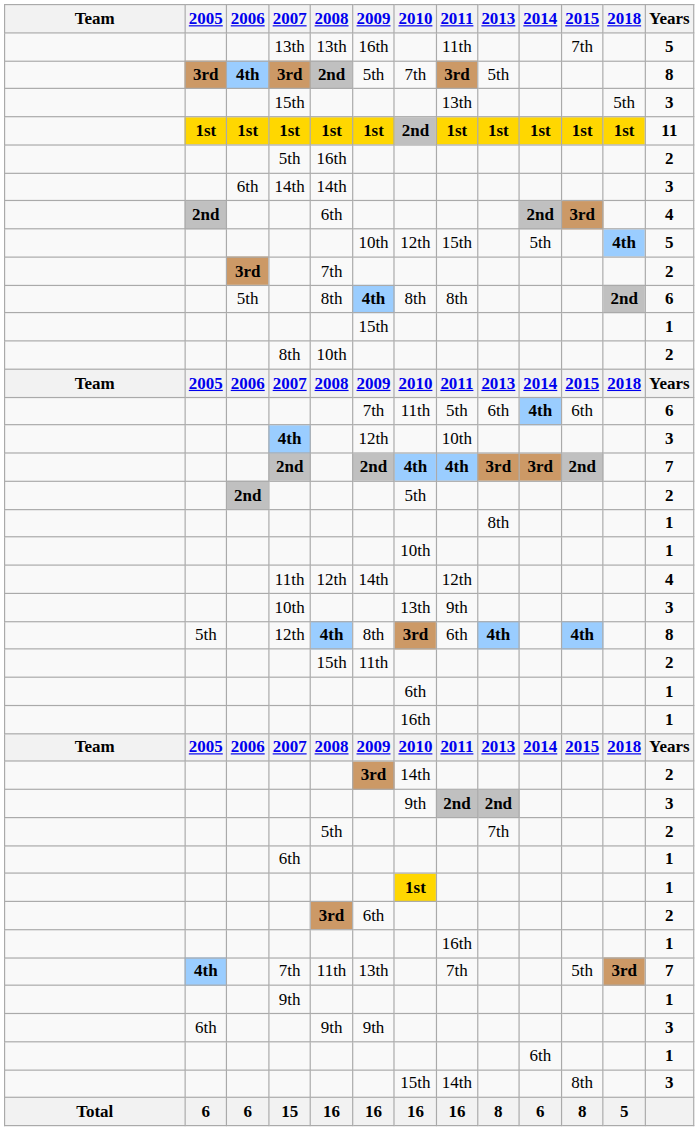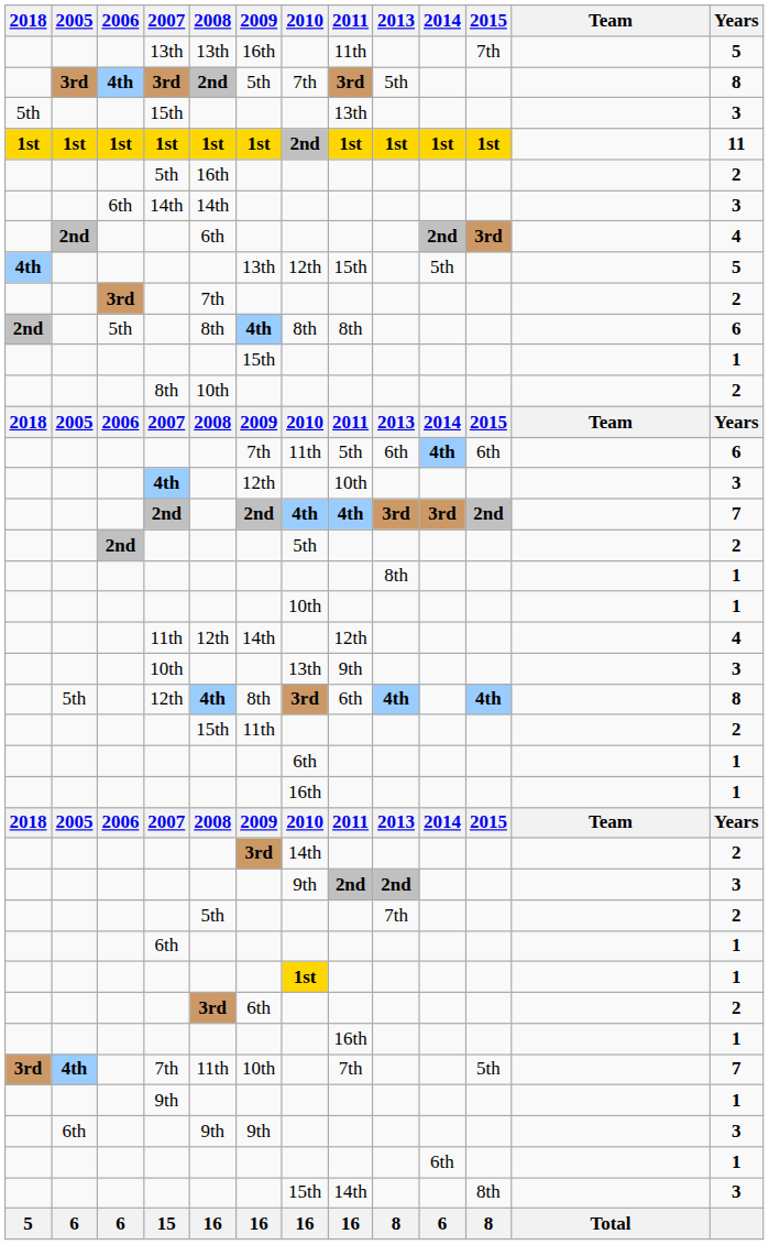 <table class="wikitable" style="text-align:center; font-size:90%">
 <tr>
-<th width=146>Team</th>
+<th><a href='#'>2018</a></th>
 <th><a href='#'>2005</a></th>
 <th><a href='#'>2006</a></th>
 <th><a href='#'>2007</a></th>
 <th><a href='#'>2008</a></th>
 <th><a href='#'>2009</a></th>
 <th><a href='#'>2010</a></th>
 <th><a href='#'>2011</a></th>
 <th><a href='#'>2013</a></th>
 <th><a href='#'>2014</a></th>
 <th><a href='#'>2015</a></th>
-<th><a href='#'>2018</a></th>
+<th width=146>Team</th>
 <th>Years</th>
 </tr>
 <tr>
-<td align=left></td>
+<td></td>
 <td></td>
 <td></td>
 <td>13th</td>
 <td>13th</td>
 <td>16th</td>
 <td></td>
 <td>11th</td>
 <td></td>
 <td></td>
 <td>7th</td>
-<td></td>
+<td align=left></td>
 <td><strong>5</strong></td>
 </tr>
 <tr>
-<td align=left></td>
+<td></td>
 <td bgcolor=cc9966><strong>3rd</strong></td>
 <td bgcolor=#9acdff><strong>4th</strong></td>
 <td bgcolor=cc9966><strong>3rd</strong></td>
 <td bgcolor=silver><strong>2nd</strong></td>
 <td>5th</td>
 <td>7th</td>
 <td bgcolor=cc9966><strong>3rd</strong></td>
 <td>5th</td>
 <td></td>
 <td></td>
-<td></td>
+<td align=left></td>
 <td><strong>8</strong></td>
 </tr>
 <tr>
-<td align=left></td>
+<td>5th</td>
 <td></td>
 <td></td>
 <td>15th</td>
 <td></td>
 <td></td>
 <td></td>
 <td>13th</td>
 <td></td>
 <td></td>
 <td></td>
-<td>5th</td>
+<td align=left></td>
 <td><strong>3</strong></td>
 </tr>
 <tr>
-<td align=left></td>
+<td bgcolor=gold><strong>1st</strong></td>
 <td bgcolor=gold><strong>1st</strong></td>
 <td bgcolor=gold><strong>1st</strong></td>
 <td bgcolor=gold><strong>1st</strong></td>
 <td bgcolor=gold><strong>1st</strong></td>
 <td bgcolor=gold><strong>1st</strong></td>
 <td bgcolor=silver><strong>2nd</strong></td>
 <td bgcolor=gold><strong>1st</strong></td>
 <td bgcolor=gold><strong>1st</strong></td>
 <td bgcolor=gold><strong>1st</strong></td>
 <td bgcolor=gold><strong>1st</strong></td>
-<td bgcolor=gold><strong>1st</strong></td>
+<td align=left></td>
 <td><strong>11</strong></td>
 </tr>
 <tr>
-<td align=left></td>
+<td></td>
 <td></td>
 <td></td>
 <td>5th</td>
 <td>16th</td>
 <td></td>
 <td></td>
 <td></td>
 <td></td>
 <td></td>
 <td></td>
-<td></td>
+<td align=left></td>
 <td><strong>2</strong></td>
 </tr>
 <tr>
-<td align=left></td>
+<td></td>
 <td></td>
 <td>6th</td>
 <td>14th</td>
 <td>14th</td>
 <td></td>
 <td></td>
 <td></td>
 <td></td>
 <td></td>
 <td></td>
-<td></td>
+<td align=left></td>
 <td><strong>3</strong></td>
 </tr>
 <tr>
-<td align=left></td>
+<td></td>
 <td bgcolor=silver><strong>2nd</strong></td>
 <td></td>
 <td></td>
 <td>6th</td>
 <td></td>
 <td></td>
 <td></td>
 <td></td>
 <td bgcolor=silver><strong>2nd</strong></td>
 <td bgcolor=cc9966><strong>3rd</strong></td>
-<td></td>
+<td align=left></td>
 <td><strong>4</strong></td>
 </tr>
 <tr>
-<td align=left></td>
+<td bgcolor=#9acdff><strong>4th</strong></td>
 <td></td>
 <td></td>
 <td></td>
 <td></td>
-<td>10th</td>
+<td>13th</td>
 <td>12th</td>
 <td>15th</td>
 <td></td>
 <td>5th</td>
 <td></td>
-<td bgcolor=#9acdff><strong>4th</strong></td>
+<td align=left></td>
 <td><strong>5</strong></td>
 </tr>
 <tr>
-<td align=left></td>
+<td></td>
 <td></td>
 <td bgcolor=cc9966><strong>3rd</strong></td>
 <td></td>
 <td>7th</td>
 <td></td>
 <td></td>
 <td></td>
 <td></td>
 <td></td>
 <td></td>
-<td></td>
+<td align=left></td>
 <td><strong>2</strong></td>
 </tr>
 <tr>
-<td align=left></td>
+<td bgcolor=silver><strong>2nd</strong></td>
 <td></td>
 <td>5th</td>
 <td></td>
 <td>8th</td>
 <td bgcolor=#9acdff><strong>4th</strong></td>
 <td>8th</td>
 <td>8th</td>
 <td></td>
 <td></td>
 <td></td>
-<td bgcolor=silver><strong>2nd</strong></td>
+<td align=left></td>
 <td><strong>6</strong></td>
 </tr>
 <tr>
-<td align=left></td>
+<td></td>
 <td></td>
 <td></td>
 <td></td>
 <td></td>
 <td>15th</td>
 <td></td>
 <td></td>
 <td></td>
 <td></td>
 <td></td>
-<td></td>
+<td align=left></td>
 <td><strong>1</strong></td>
 </tr>
 <tr>
-<td align=left></td>
+<td></td>
 <td></td>
 <td></td>
 <td>8th</td>
 <td>10th</td>
 <td></td>
 <td></td>
 <td></td>
 <td></td>
 <td></td>
 <td></td>
-<td></td>
+<td align=left></td>
 <td><strong>2</strong></td>
 </tr>
 <tr>
-<th width=146>Team</th>
+<th><a href='#'>2018</a></th>
 <th><a href='#'>2005</a></th>
 <th><a href='#'>2006</a></th>
 <th><a href='#'>2007</a></th>
 <th><a href='#'>2008</a></th>
 <th><a href='#'>2009</a></th>
 <th><a href='#'>2010</a></th>
 <th><a href='#'>2011</a></th>
 <th><a href='#'>2013</a></th>
 <th><a href='#'>2014</a></th>
 <th><a href='#'>2015</a></th>
-<th><a href='#'>2018</a></th>
+<th width=146>Team</th>
 <th>Years</th>
 </tr>
 <tr>
-<td align=left></td>
+<td></td>
 <td></td>
 <td></td>
 <td></td>
 <td></td>
 <td>7th</td>
 <td>11th</td>
 <td>5th</td>
 <td>6th</td>
 <td bgcolor=#9acdff><strong>4th</strong></td>
 <td>6th</td>
-<td></td>
+<td align=left></td>
 <td><strong>6</strong></td>
 </tr>
 <tr>
-<td align=left></td>
+<td></td>
 <td></td>
 <td></td>
 <td bgcolor=#9acdff><strong>4th</strong></td>
 <td></td>
 <td>12th</td>
 <td></td>
 <td>10th</td>
 <td></td>
 <td></td>
 <td></td>
-<td></td>
+<td align=left></td>
 <td><strong>3</strong></td>
 </tr>
 <tr>
-<td align=left></td>
+<td></td>
 <td></td>
 <td></td>
 <td bgcolor=silver><strong>2nd</strong></td>
 <td></td>
 <td bgcolor=silver><strong>2nd</strong></td>
 <td bgcolor=#9acdff><strong>4th</strong></td>
 <td bgcolor=#9acdff><strong>4th</strong></td>
 <td bgcolor=cc9966><strong>3rd</strong></td>
 <td bgcolor=cc9966><strong>3rd</strong></td>
 <td bgcolor=silver><strong>2nd</strong></td>
-<td></td>
+<td align=left></td>
 <td><strong>7</strong></td>
 </tr>
 <tr>
-<td align=left></td>
+<td></td>
 <td></td>
 <td bgcolor=silver><strong>2nd</strong></td>
 <td></td>
 <td></td>
 <td></td>
 <td>5th</td>
 <td></td>
 <td></td>
 <td></td>
 <td></td>
-<td></td>
+<td align=left></td>
 <td><strong>2</strong></td>
 </tr>
 <tr>
-<td align=left></td>
+<td></td>
 <td></td>
 <td></td>
 <td></td>
 <td></td>
 <td></td>
 <td></td>
 <td></td>
 <td>8th</td>
 <td></td>
 <td></td>
-<td></td>
+<td align=left></td>
 <td><strong>1</strong></td>
 </tr>
 <tr>
-<td align=left></td>
+<td></td>
 <td></td>
 <td></td>
 <td></td>
 <td></td>
 <td></td>
 <td>10th</td>
 <td></td>
 <td></td>
 <td></td>
 <td></td>
-<td></td>
+<td align=left></td>
 <td><strong>1</strong></td>
 </tr>
 <tr>
-<td align=left></td>
+<td></td>
 <td></td>
 <td></td>
 <td>11th</td>
 <td>12th</td>
 <td>14th</td>
 <td></td>
 <td>12th</td>
 <td></td>
 <td></td>
 <td></td>
-<td></td>
+<td align=left></td>
 <td><strong>4</strong></td>
 </tr>
 <tr>
-<td align=left></td>
+<td></td>
 <td></td>
 <td></td>
 <td>10th</td>
 <td></td>
 <td></td>
 <td>13th</td>
 <td>9th</td>
 <td></td>
 <td></td>
 <td></td>
-<td></td>
+<td align=left></td>
 <td><strong>3</strong></td>
 </tr>
 <tr>
-<td align=left></td>
+<td></td>
 <td>5th</td>
 <td></td>
 <td>12th</td>
 <td bgcolor=#9acdff><strong>4th</strong></td>
 <td>8th</td>
 <td bgcolor=cc9966><strong>3rd</strong></td>
 <td>6th</td>
 <td bgcolor=#9acdff><strong>4th</strong></td>
 <td></td>
 <td bgcolor=#9acdff><strong>4th</strong></td>
-<td></td>
+<td align=left></td>
 <td><strong>8</strong></td>
 </tr>
 <tr>
-<td align=left></td>
+<td></td>
 <td></td>
 <td></td>
 <td></td>
 <td>15th</td>
 <td>11th</td>
 <td></td>
 <td></td>
 <td></td>
 <td></td>
 <td></td>
-<td></td>
+<td align=left></td>
 <td><strong>2</strong></td>
 </tr>
 <tr>
-<td align=left></td>
+<td></td>
 <td></td>
 <td></td>
 <td></td>
 <td></td>
 <td></td>
 <td>6th</td>
 <td></td>
 <td></td>
 <td></td>
 <td></td>
-<td></td>
+<td align=left></td>
 <td><strong>1</strong></td>
 </tr>
 <tr>
-<td align=left></td>
-<td></td>
-<td></td>
-<td></td>
-<td></td>
-<td></td>
-<td>16th</td>
-<td></td>
-<td></td>
-<td></td>
-<td></td>
-<td></td>
-<td><strong>1</strong></td>
-</tr>
-<tr>
-<th width=146>Team</th>
-<th><a href='#'>2005</a></th>
-<th><a href='#'>2006</a></th>
-<th><a href='#'>2007</a></th>
-<th><a href='#'>2008</a></th>
-<th><a href='#'>2009</a></th>
-<th><a href='#'>2010</a></th>
-<th><a href='#'>2011</a></th>
-<th><a href='#'>2013</a></th>
-<th><a href='#'>2014</a></th>
-<th><a href='#'>2015</a></th>
-<th><a href='#'>2018</a></th>
-<th>Years</th>
-</tr>
-<tr>
-<td align=left></td>
-<td></td>
-<td></td>
-<td></td>
-<td></td>
-<td bgcolor=cc9966><strong>3rd</strong></td>
-<td>14th</td>
-<td></td>
-<td></td>
-<td></td>
-<td></td>
-<td></td>
-<td><strong>2</strong></td>
-</tr>
-<tr>
-<td align=left></td>
-<td></td>
-<td></td>
-<td></td>
-<td></td>
-<td></td>
-<td>9th</td>
-<td bgcolor=silver><strong>2nd</strong></td>
-<td bgcolor=silver><strong>2nd</strong></td>
-<td></td>
-<td></td>
-<td></td>
-<td><strong>3</strong></td>
-</tr>
-<tr>
-<td align=left></td>
-<td></td>
-<td></td>
-<td></td>
-<td>5th</td>
-<td></td>
-<td></td>
-<td></td>
-<td>7th</td>
-<td></td>
-<td></td>
-<td></td>
-<td><strong>2</strong></td>
-</tr>
-<tr>
-<td align=left></td>
-<td></td>
-<td></td>
-<td>6th</td>
-<td></td>
-<td></td>
-<td></td>
-<td></td>
-<td></td>
-<td></td>
-<td></td>
-<td></td>
-<td><strong>1</strong></td>
-</tr>
-<tr>
-<td align=left></td>
-<td></td>
-<td></td>
-<td></td>
-<td></td>
-<td></td>
-<td bgcolor=gold><strong>1st</strong></td>
-<td></td>
-<td></td>
-<td></td>
-<td></td>
-<td></td>
-<td><strong>1</strong></td>
-</tr>
-<tr>
-<td align=left></td>
-<td></td>
-<td></td>
-<td></td>
-<td bgcolor=cc9966><strong>3rd</strong></td>
-<td>6th</td>
-<td></td>
-<td></td>
-<td></td>
-<td></td>
-<td></td>
-<td></td>
-<td><strong>2</strong></td>
-</tr>
-<tr>
-<td align=left></td>
 <td></td>
 <td></td>
 <td></td>
 <td></td>
 <td></td>
 <td></td>
 <td>16th</td>
 <td></td>
 <td></td>
 <td></td>
 <td></td>
+<td align=left></td>
 <td><strong>1</strong></td>
 </tr>
 <tr>
+<th><a href='#'>2018</a></th>
+<th><a href='#'>2005</a></th>
+<th><a href='#'>2006</a></th>
+<th><a href='#'>2007</a></th>
+<th><a href='#'>2008</a></th>
+<th><a href='#'>2009</a></th>
+<th><a href='#'>2010</a></th>
+<th><a href='#'>2011</a></th>
+<th><a href='#'>2013</a></th>
+<th><a href='#'>2014</a></th>
+<th><a href='#'>2015</a></th>
+<th width=146>Team</th>
+<th>Years</th>
+</tr>
+<tr>
+<td></td>
+<td></td>
+<td></td>
+<td></td>
+<td></td>
+<td bgcolor=cc9966><strong>3rd</strong></td>
+<td>14th</td>
+<td></td>
+<td></td>
+<td></td>
+<td></td>
 <td align=left></td>
+<td><strong>2</strong></td>
+</tr>
+<tr>
+<td></td>
+<td></td>
+<td></td>
+<td></td>
+<td></td>
+<td></td>
+<td>9th</td>
+<td bgcolor=silver><strong>2nd</strong></td>
+<td bgcolor=silver><strong>2nd</strong></td>
+<td></td>
+<td></td>
+<td align=left></td>
+<td><strong>3</strong></td>
+</tr>
+<tr>
+<td></td>
+<td></td>
+<td></td>
+<td></td>
+<td>5th</td>
+<td></td>
+<td></td>
+<td></td>
+<td>7th</td>
+<td></td>
+<td></td>
+<td align=left></td>
+<td><strong>2</strong></td>
+</tr>
+<tr>
+<td></td>
+<td></td>
+<td></td>
+<td>6th</td>
+<td></td>
+<td></td>
+<td></td>
+<td></td>
+<td></td>
+<td></td>
+<td></td>
+<td align=left></td>
+<td><strong>1</strong></td>
+</tr>
+<tr>
+<td></td>
+<td></td>
+<td></td>
+<td></td>
+<td></td>
+<td></td>
+<td bgcolor=gold><strong>1st</strong></td>
+<td></td>
+<td></td>
+<td></td>
+<td></td>
+<td align=left></td>
+<td><strong>1</strong></td>
+</tr>
+<tr>
+<td></td>
+<td></td>
+<td></td>
+<td></td>
+<td bgcolor=cc9966><strong>3rd</strong></td>
+<td>6th</td>
+<td></td>
+<td></td>
+<td></td>
+<td></td>
+<td></td>
+<td align=left></td>
+<td><strong>2</strong></td>
+</tr>
+<tr>
+<td></td>
+<td></td>
+<td></td>
+<td></td>
+<td></td>
+<td></td>
+<td></td>
+<td>16th</td>
+<td></td>
+<td></td>
+<td></td>
+<td align=left></td>
+<td><strong>1</strong></td>
+</tr>
+<tr>
+<td bgcolor=cc9966><strong>3rd</strong></td>
 <td bgcolor=#9acdff><strong>4th</strong></td>
 <td></td>
 <td>7th</td>
 <td>11th</td>
-<td>13th</td>
+<td>10th</td>
 <td></td>
 <td>7th</td>
 <td></td>
 <td></td>
 <td>5th</td>
-<td bgcolor=cc9966><strong>3rd</strong></td>
+<td align=left></td>
 <td><strong>7</strong></td>
 </tr>
 <tr>
-<td align=left></td>
+<td></td>
 <td></td>
 <td></td>
 <td>9th</td>
 <td></td>
 <td></td>
 <td></td>
 <td></td>
 <td></td>
 <td></td>
 <td></td>
-<td></td>
+<td align=left></td>
 <td><strong>1</strong></td>
 </tr>
 <tr>
-<td align=left></td>
+<td></td>
 <td>6th</td>
 <td></td>
 <td></td>
 <td>9th</td>
 <td>9th</td>
 <td></td>
 <td></td>
 <td></td>
 <td></td>
 <td></td>
-<td></td>
+<td align=left></td>
 <td><strong>3</strong></td>
 </tr>
 <tr>
-<td align=left></td>
+<td></td>
 <td></td>
 <td></td>
 <td></td>
 <td></td>
 <td></td>
 <td></td>
 <td></td>
 <td></td>
 <td>6th</td>
 <td></td>
-<td></td>
+<td align=left></td>
 <td><strong>1</strong></td>
 </tr>
 <tr>
-<td align=left></td>
+<td></td>
 <td></td>
 <td></td>
 <td></td>
 <td></td>
 <td></td>
 <td>15th</td>
 <td>14th</td>
 <td></td>
 <td></td>
 <td>8th</td>
-<td></td>
+<td align=left></td>
 <td><strong>3</strong></td>
 </tr>
 <tr>
-<th>Total</th>
+<th>5</th>
 <th>6</th>
 <th>6</th>
 <th>15</th>
 <th>16</th>
 <th>16</th>
 <th>16</th>
 <th>16</th>
 <th>8</th>
 <th>6</th>
 <th>8</th>
-<th>5</th>
+<th>Total</th>
 <th></th>
 </tr>
 </table>
